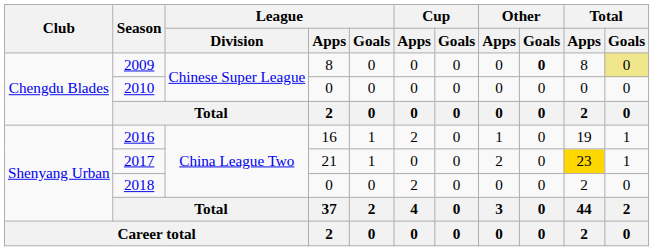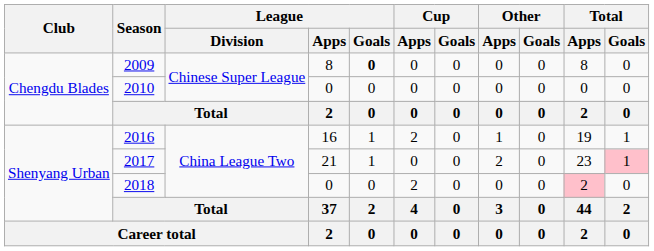 <table class="wikitable" style="text-align: center">
 <tr>
 <th rowspan="2">Club</th>
 <th rowspan="2">Season</th>
 <th colspan="3">League</th>
 <th colspan="2">Cup</th>
 <th colspan="2">Other</th>
 <th colspan="2">Total</th>
 </tr>
 <tr>
 <th>Division</th>
 <th>Apps</th>
 <th>Goals</th>
 <th>Apps</th>
 <th>Goals</th>
 <th>Apps</th>
 <th>Goals</th>
 <th>Apps</th>
 <th>Goals</th>
 </tr>
 <tr>
 <td rowspan="3"><a href='#'>Chengdu Blades</a></td>
 <td><a href='#'>2009</a></td>
 <td rowspan="2"><a href='#'>Chinese Super League</a></td>
 <td>8</td>
+<td><strong>0</strong></td>
 <td>0</td>
 <td>0</td>
 <td>0</td>
 <td>0</td>
-<td><strong>0</strong></td>
 <td>8</td>
-<td style="background: khaki;">0</td>
+<td>0</td>
 </tr>
 <tr>
 <td><a href='#'>2010</a></td>
 <td>0</td>
 <td>0</td>
 <td>0</td>
 <td>0</td>
 <td>0</td>
 <td>0</td>
 <td>0</td>
 <td>0</td>
 </tr>
 <tr>
 <th colspan=2>Total</th>
 <th>2</th>
 <th>0</th>
 <th>0</th>
 <th>0</th>
 <th>0</th>
 <th>0</th>
 <th>2</th>
 <th>0</th>
 </tr>
 <tr>
 <td rowspan="4"><a href='#'>Shenyang Urban</a></td>
 <td><a href='#'>2016</a></td>
 <td rowspan="3"><a href='#'>China League Two</a></td>
 <td>16</td>
 <td>1</td>
 <td>2</td>
 <td>0</td>
 <td>1</td>
 <td>0</td>
 <td>19</td>
 <td>1</td>
 </tr>
 <tr>
 <td><a href='#'>2017</a></td>
 <td>21</td>
 <td>1</td>
 <td>0</td>
 <td>0</td>
 <td>2</td>
 <td>0</td>
-<td style="background: gold;">23</td>
-<td>1</td>
+<td>23</td>
+<td style="background: pink;">1</td>
 </tr>
 <tr>
 <td><a href='#'>2018</a></td>
 <td>0</td>
 <td>0</td>
 <td>2</td>
 <td>0</td>
 <td>0</td>
 <td>0</td>
-<td>2</td>
+<td style="background: pink;">2</td>
 <td>0</td>
 </tr>
 <tr>
 <th colspan=2>Total</th>
 <th>37</th>
 <th>2</th>
 <th>4</th>
 <th>0</th>
 <th>3</th>
 <th>0</th>
 <th>44</th>
 <th>2</th>
 </tr>
 <tr>
 <th colspan=3>Career total</th>
 <th>2</th>
 <th>0</th>
 <th>0</th>
 <th>0</th>
 <th>0</th>
 <th>0</th>
 <th>2</th>
 <th>0</th>
 </tr>
 </table>
